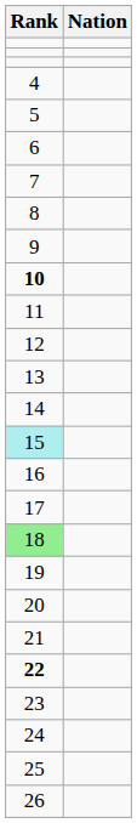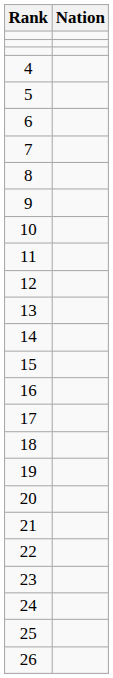 <table class="wikitable sortable" style="text-align:left">
 <tr>
 <th>Rank</th>
 <th>Nation</th>
 </tr>
 <tr>
 <td align="center"></td>
 <td></td>
 </tr>
 <tr>
 <td align="center"></td>
 <td></td>
 </tr>
 <tr>
 <td align="center"></td>
 <td></td>
 </tr>
 <tr>
 <td align="center">4</td>
 <td></td>
 </tr>
 <tr>
 <td align="center">5</td>
 <td></td>
 </tr>
 <tr>
 <td align="center">6</td>
 <td></td>
 </tr>
 <tr>
 <td align="center">7</td>
 <td></td>
 </tr>
 <tr>
 <td align="center">8</td>
 <td></td>
 </tr>
 <tr>
 <td align="center">9</td>
 <td></td>
 </tr>
 <tr>
-<td align="center"><strong>10</strong></td>
+<td align="center">10</td>
 <td></td>
 </tr>
 <tr>
 <td align="center">11</td>
 <td></td>
 </tr>
 <tr>
 <td align="center">12</td>
 <td></td>
 </tr>
 <tr>
 <td align="center">13</td>
 <td></td>
 </tr>
 <tr>
 <td align="center">14</td>
 <td></td>
 </tr>
 <tr>
-<td align="center" style="background: paleturquoise;">15</td>
+<td align="center">15</td>
 <td></td>
 </tr>
 <tr>
 <td align="center">16</td>
 <td></td>
 </tr>
 <tr>
 <td align="center">17</td>
 <td></td>
 </tr>
 <tr>
-<td align="center" style="background: lightgreen;">18</td>
+<td align="center">18</td>
 <td></td>
 </tr>
 <tr>
 <td align="center">19</td>
 <td></td>
 </tr>
 <tr>
 <td align="center">20</td>
 <td></td>
 </tr>
 <tr>
 <td align="center">21</td>
 <td></td>
 </tr>
 <tr>
-<td align="center"><strong>22</strong></td>
+<td align="center">22</td>
 <td></td>
 </tr>
 <tr>
 <td align="center">23</td>
 <td></td>
 </tr>
 <tr>
 <td align="center">24</td>
 <td></td>
 </tr>
 <tr>
 <td align="center">25</td>
 <td></td>
 </tr>
 <tr>
 <td align="center">26</td>
 <td></td>
 </tr>
 </table>
